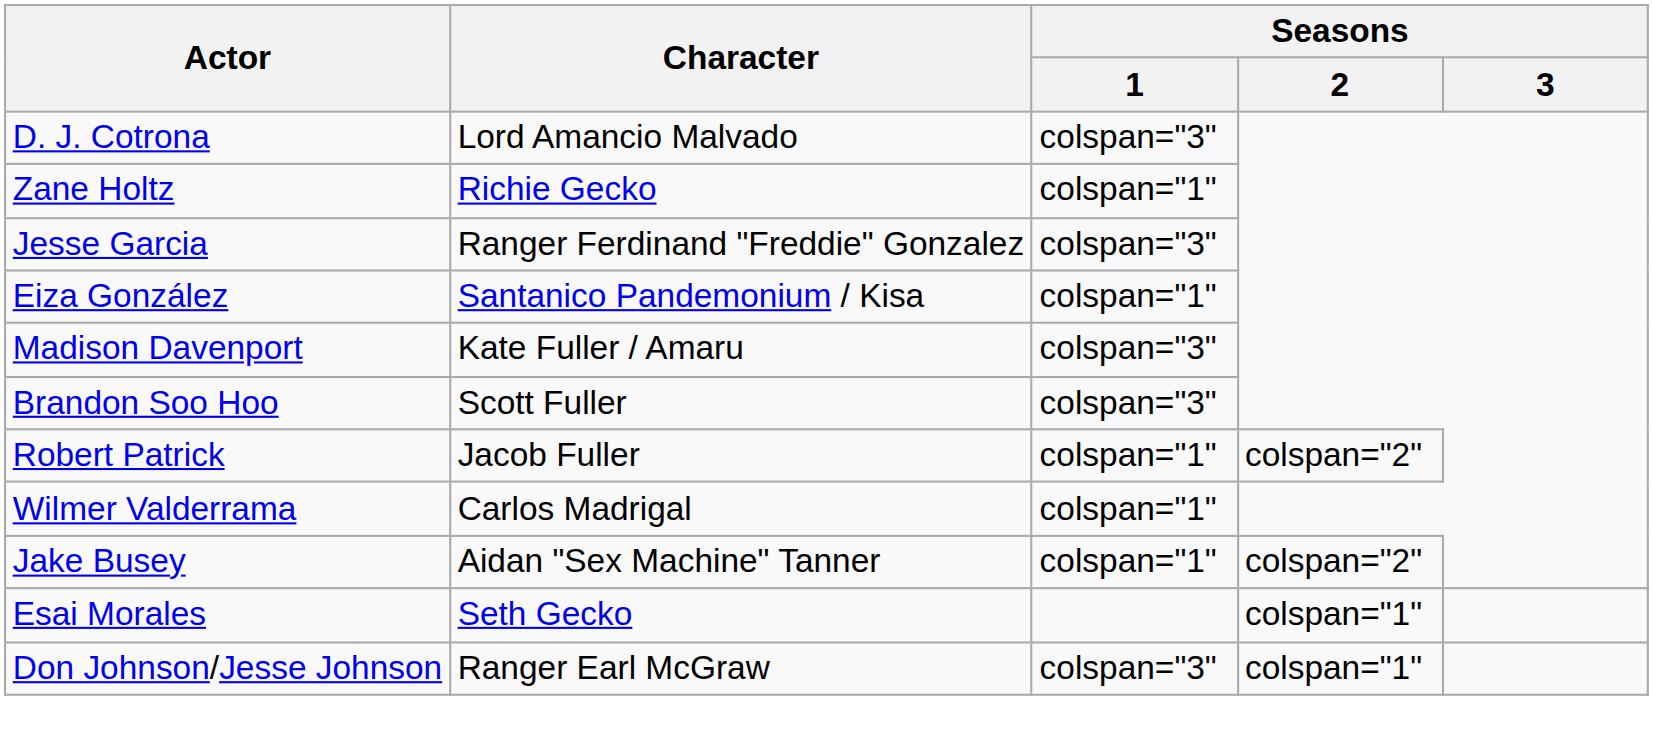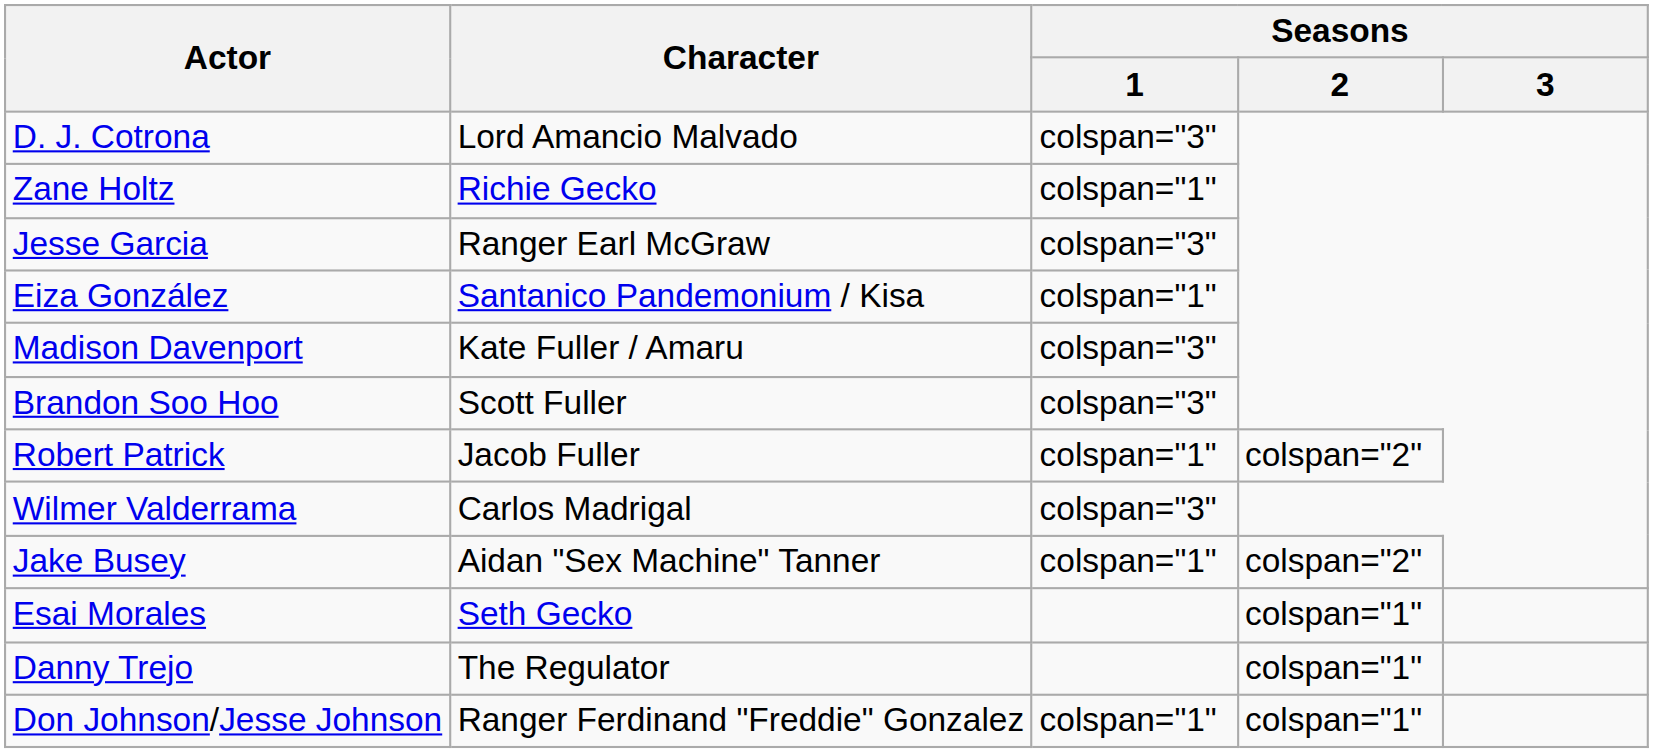 <table class="wikitable">
 <tr>
 <th rowspan="2">Actor</th>
 <th rowspan="2">Character</th>
 <th colspan="3">Seasons</th>
 </tr>
 <tr>
 <th style="width:12.50%;">1</th>
 <th style="width:12.50%;">2</th>
 <th style="width:12.50%;">3</th>
 </tr>
 <tr>
 <td><a href='#'>D. J. Cotrona</a></td>
 <td>Lord Amancio Malvado</td>
 <td>colspan="3" </td>
 </tr>
 <tr>
 <td><a href='#'>Zane Holtz</a></td>
 <td><a href='#'>Richie Gecko</a></td>
 <td>colspan="1" </td>
 </tr>
 <tr>
 <td><a href='#'>Jesse Garcia</a></td>
-<td>Ranger Ferdinand "Freddie" Gonzalez</td>
+<td>Ranger Earl McGraw</td>
 <td>colspan="3" </td>
 </tr>
 <tr>
 <td><a href='#'>Eiza González</a></td>
 <td><a href='#'>Santanico Pandemonium</a> / Kisa</td>
 <td>colspan="1" </td>
 </tr>
 <tr>
 <td><a href='#'>Madison Davenport</a></td>
 <td>Kate Fuller / Amaru</td>
 <td>colspan="3" </td>
 </tr>
 <tr>
 <td><a href='#'>Brandon Soo Hoo</a></td>
 <td>Scott Fuller</td>
 <td>colspan="3" </td>
 </tr>
 <tr>
 <td><a href='#'>Robert Patrick</a></td>
 <td>Jacob Fuller</td>
 <td>colspan="1" </td>
 <td>colspan="2" </td>
 </tr>
 <tr>
 <td><a href='#'>Wilmer Valderrama</a></td>
 <td>Carlos Madrigal</td>
-<td>colspan="1" </td>
+<td>colspan="3" </td>
 </tr>
 <tr>
 <td><a href='#'>Jake Busey</a></td>
 <td>Aidan "Sex Machine" Tanner</td>
 <td>colspan="1" </td>
 <td>colspan="2" </td>
 </tr>
 <tr>
 <td><a href='#'>Esai Morales</a></td>
 <td><a href='#'>Seth Gecko</a></td>
 <td></td>
 <td>colspan="1" </td>
 <td></td>
 </tr>
 <tr>
+<td><a href='#'>Danny Trejo</a></td>
+<td>The Regulator</td>
+<td></td>
+<td>colspan="1" </td>
+<td></td>
+</tr>
+<tr>
 <td><a href='#'>Don Johnson</a>/<a href='#'>Jesse Johnson</a></td>
-<td>Ranger Earl McGraw</td>
-<td>colspan="3" </td>
+<td>Ranger Ferdinand "Freddie" Gonzalez</td>
+<td>colspan="1" </td>
 <td>colspan="1" </td>
 <td></td>
 </tr>
 </table>
